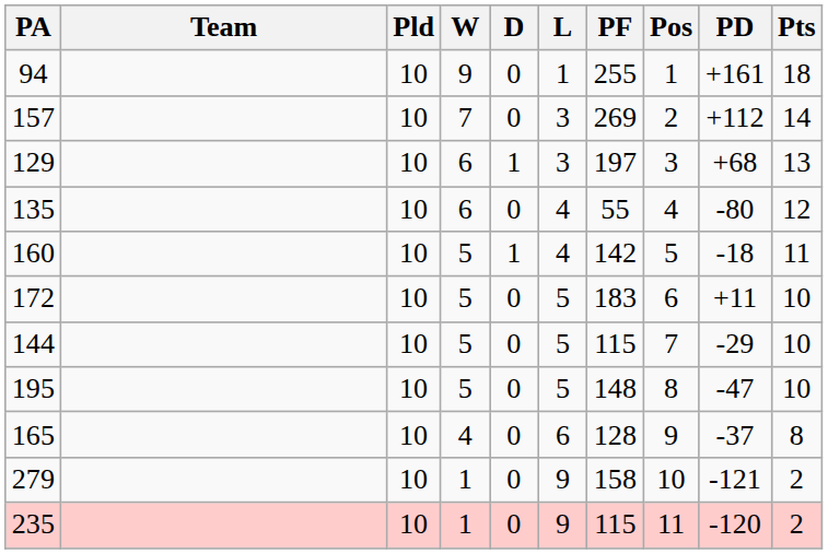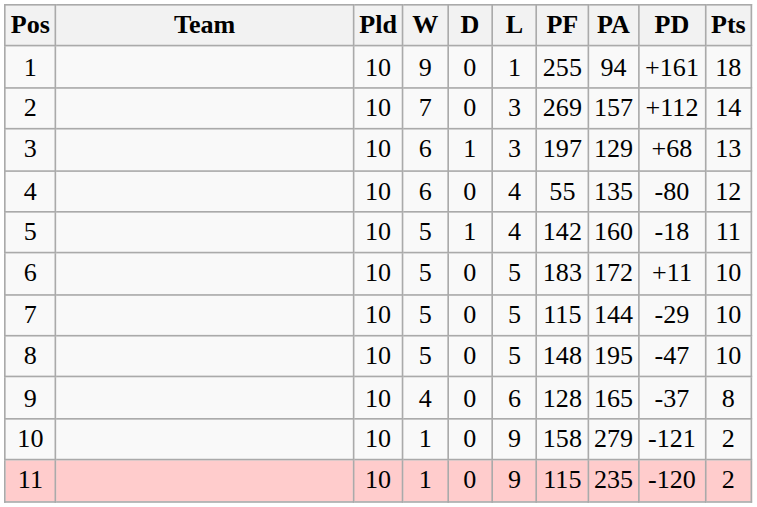 <table class="wikitable" style="text-align:center">
 <tr>
-<th width=20 abbr="Points against">PA</th>
+<th width=20 abbr="Position">Pos</th>
 <th width=175>Team</th>
 <th width=20 abbr="Played">Pld</th>
 <th width=20 abbr="Won">W</th>
 <th width=20 abbr="Drawn">D</th>
 <th width=20 abbr="Lost">L</th>
 <th width=20 abbr="Points for">PF</th>
-<th width=20 abbr="Position">Pos</th>
+<th width=20 abbr="Points against">PA</th>
 <th width=25 abbr="Points difference">PD</th>
 <th width=20 abbr="Points">Pts</th>
 </tr>
 <tr>
-<td>94</td>
+<td>1</td>
 <td style="text-align:left"></td>
 <td>10</td>
 <td>9</td>
 <td>0</td>
 <td>1</td>
 <td>255</td>
-<td>1</td>
+<td>94</td>
 <td>+161</td>
 <td>18</td>
 </tr>
 <tr>
-<td>157</td>
+<td>2</td>
 <td style="text-align:left"></td>
 <td>10</td>
 <td>7</td>
 <td>0</td>
 <td>3</td>
 <td>269</td>
-<td>2</td>
+<td>157</td>
 <td>+112</td>
 <td>14</td>
 </tr>
 <tr>
-<td>129</td>
+<td>3</td>
 <td style="text-align:left"></td>
 <td>10</td>
 <td>6</td>
 <td>1</td>
 <td>3</td>
 <td>197</td>
-<td>3</td>
+<td>129</td>
 <td>+68</td>
 <td>13</td>
 </tr>
 <tr>
-<td>135</td>
+<td>4</td>
 <td style="text-align:left"></td>
 <td>10</td>
 <td>6</td>
 <td>0</td>
 <td>4</td>
 <td>55</td>
-<td>4</td>
+<td>135</td>
 <td>-80</td>
 <td>12</td>
 </tr>
 <tr>
-<td>160</td>
+<td>5</td>
 <td style="text-align:left"></td>
 <td>10</td>
 <td>5</td>
 <td>1</td>
 <td>4</td>
 <td>142</td>
-<td>5</td>
+<td>160</td>
 <td>-18</td>
 <td>11</td>
 </tr>
 <tr>
-<td>172</td>
+<td>6</td>
 <td style="text-align:left"></td>
 <td>10</td>
 <td>5</td>
 <td>0</td>
 <td>5</td>
 <td>183</td>
-<td>6</td>
+<td>172</td>
 <td>+11</td>
 <td>10</td>
 </tr>
 <tr>
-<td>144</td>
+<td>7</td>
 <td style="text-align:left"></td>
 <td>10</td>
 <td>5</td>
 <td>0</td>
 <td>5</td>
 <td>115</td>
-<td>7</td>
+<td>144</td>
 <td>-29</td>
 <td>10</td>
 </tr>
 <tr>
-<td>195</td>
+<td>8</td>
 <td style="text-align:left"></td>
 <td>10</td>
 <td>5</td>
 <td>0</td>
 <td>5</td>
 <td>148</td>
-<td>8</td>
+<td>195</td>
 <td>-47</td>
 <td>10</td>
 </tr>
 <tr>
-<td>165</td>
+<td>9</td>
 <td style="text-align:left"></td>
 <td>10</td>
 <td>4</td>
 <td>0</td>
 <td>6</td>
 <td>128</td>
-<td>9</td>
+<td>165</td>
 <td>-37</td>
 <td>8</td>
 </tr>
 <tr>
-<td>279</td>
+<td>10</td>
 <td style="text-align:left"></td>
 <td>10</td>
 <td>1</td>
 <td>0</td>
 <td>9</td>
 <td>158</td>
-<td>10</td>
+<td>279</td>
 <td>-121</td>
 <td>2</td>
 </tr>
 <tr style="background:#ffcccc">
-<td>235</td>
+<td>11</td>
 <td style="text-align:left"></td>
 <td>10</td>
 <td>1</td>
 <td>0</td>
 <td>9</td>
 <td>115</td>
-<td>11</td>
+<td>235</td>
 <td>-120</td>
 <td>2</td>
 </tr>
 </table>
